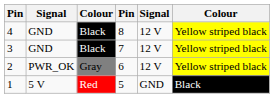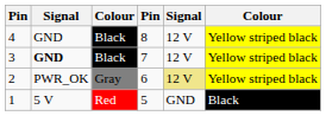 <table class="wikitable">
 <tr>
 <th>Pin</th>
 <th>Signal</th>
 <th>Colour</th>
 <th>Pin</th>
 <th>Signal</th>
 <th>Colour</th>
 </tr>
 <tr>
 <td>4</td>
 <td>GND</td>
 <td style="background-color:black; color:white;">Black</td>
 <td>8</td>
 <td>12 V</td>
 <td style="background-color:yellow; color:black;">Yellow striped black</td>
 </tr>
 <tr>
 <td>3</td>
-<td>GND</td>
+<td><strong>GND</strong></td>
 <td style="background-color:black; color:white;">Black</td>
 <td>7</td>
 <td>12 V</td>
 <td style="background-color:yellow; color:black;">Yellow striped black</td>
 </tr>
 <tr>
 <td>2</td>
 <td>PWR_OK</td>
 <td style="background-color:gray; color:black;">Gray</td>
 <td>6</td>
-<td>12 V</td>
+<td style="background: khaki;">12 V</td>
 <td style="background-color:yellow; color:black;">Yellow striped black</td>
 </tr>
 <tr>
 <td>1</td>
 <td>5 V</td>
 <td style="background-color:red; color:white;">Red</td>
 <td>5</td>
 <td>GND</td>
 <td style="background-color:black; color:white;">Black</td>
 </tr>
 </table>
